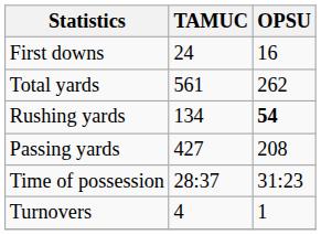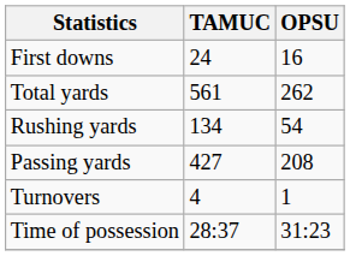 <table class="wikitable" style="float: left;">
 <tr>
 <th>Statistics</th>
 <th>TAMUC</th>
 <th>OPSU</th>
 </tr>
 <tr>
 <td>First downs</td>
 <td>24</td>
 <td>16</td>
 </tr>
 <tr>
 <td>Total yards</td>
 <td>561</td>
 <td>262</td>
 </tr>
 <tr>
 <td>Rushing yards</td>
 <td>134</td>
-<td><strong>54</strong></td>
+<td>54</td>
 </tr>
 <tr>
 <td>Passing yards</td>
 <td>427</td>
 <td>208</td>
 </tr>
 <tr>
+<td>Turnovers</td>
+<td>4</td>
+<td>1</td>
+</tr>
+<tr>
 <td>Time of possession</td>
 <td>28:37</td>
 <td>31:23</td>
 </tr>
 <tr>
-<td>Turnovers</td>
-<td>4</td>
-<td>1</td>
-</tr>
-<tr>
 </tr>
 </table>
